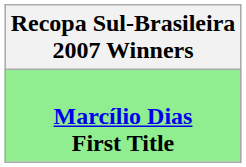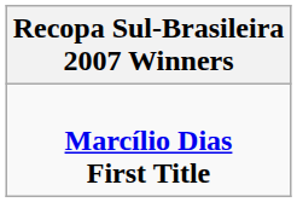 <table class="wikitable" style="text-align: center; margin: 0 auto;">
 <tr>
 <th>Recopa Sul-Brasileira<br>2007 Winners</th>
 </tr>
 <tr>
-<td style="background: lightgreen;"><br> <strong><a href='#'>Marcílio Dias</a></strong><br><strong>First Title</strong></td>
+<td><br> <strong><a href='#'>Marcílio Dias</a></strong><br><strong>First Title</strong></td>
 </tr>
 </table>
